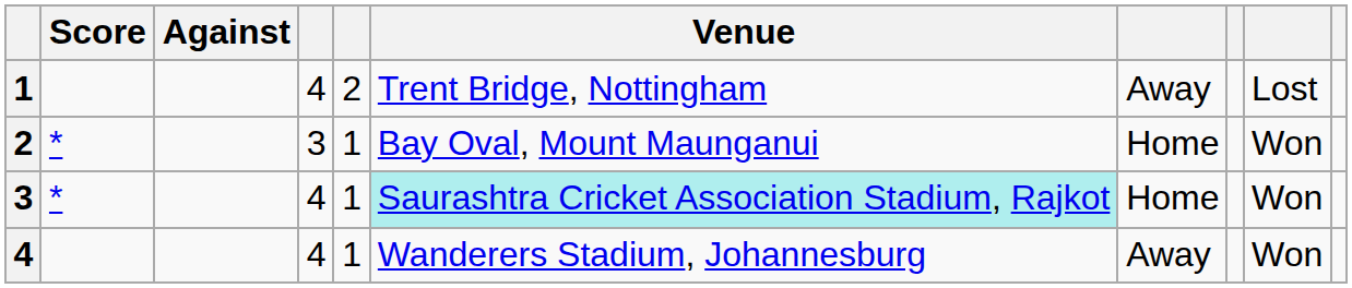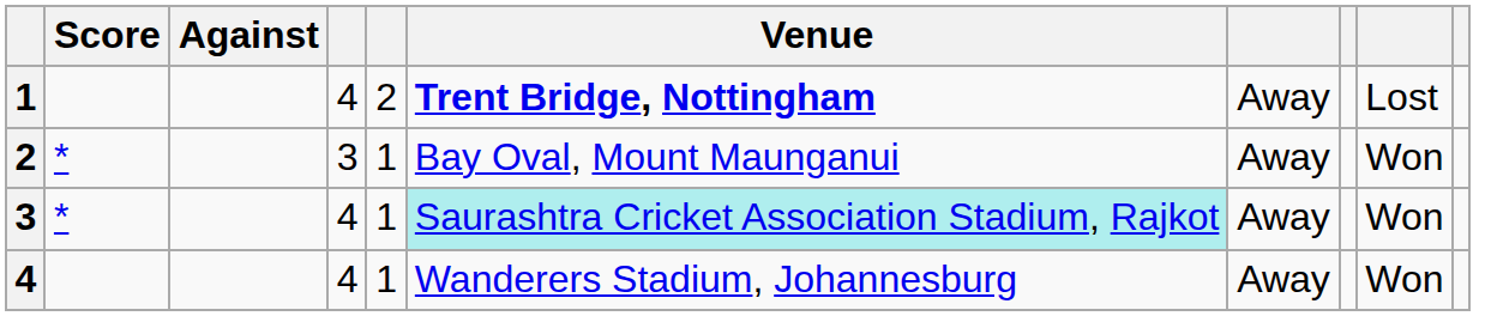 <table class="wikitable sortable">
 <tr>
 <th scope = "col"></th>
 <th scope = "col">Score</th>
 <th scope = "col">Against</th>
 <th scope = "col"><a href='#'></a></th>
 <th scope = "col"><a href='#'></a></th>
 <th scope = "col">Venue</th>
 <th scope = "col"></th>
 <th scope = "col"></th>
 <th scope = "col"></th>
 <th scope="col" class="unsortable"></th>
 </tr>
 <tr>
 <th scope = "row">1</th>
 <td></td>
 <td></td>
 <td>4</td>
 <td>2</td>
-<td><a href='#'>Trent Bridge</a>, <a href='#'>Nottingham</a></td>
+<td><strong><a href='#'>Trent Bridge</a>, <a href='#'>Nottingham</a></strong></td>
 <td>Away</td>
 <td></td>
 <td>Lost</td>
 <td></td>
 </tr>
 <tr>
 <th scope = "row">2</th>
 <td><a href='#'>*</a></td>
 <td></td>
 <td>3</td>
 <td>1</td>
 <td><a href='#'>Bay Oval</a>, <a href='#'>Mount Maunganui</a></td>
-<td>Home</td>
+<td>Away</td>
 <td></td>
 <td>Won</td>
 <td></td>
 </tr>
 <tr>
 <th scope = "row">3</th>
 <td><a href='#'>*</a></td>
 <td></td>
 <td>4</td>
 <td>1</td>
 <td style="background: paleturquoise;"><a href='#'>Saurashtra Cricket Association Stadium</a>, <a href='#'>Rajkot</a></td>
-<td>Home</td>
+<td>Away</td>
 <td></td>
 <td>Won</td>
 <td></td>
 </tr>
 <tr>
 <th scope = "row">4</th>
 <td></td>
 <td></td>
 <td>4</td>
 <td>1</td>
 <td><a href='#'>Wanderers Stadium</a>, <a href='#'>Johannesburg</a></td>
 <td>Away</td>
 <td></td>
 <td>Won</td>
 <td></td>
 </tr>
 </table>
